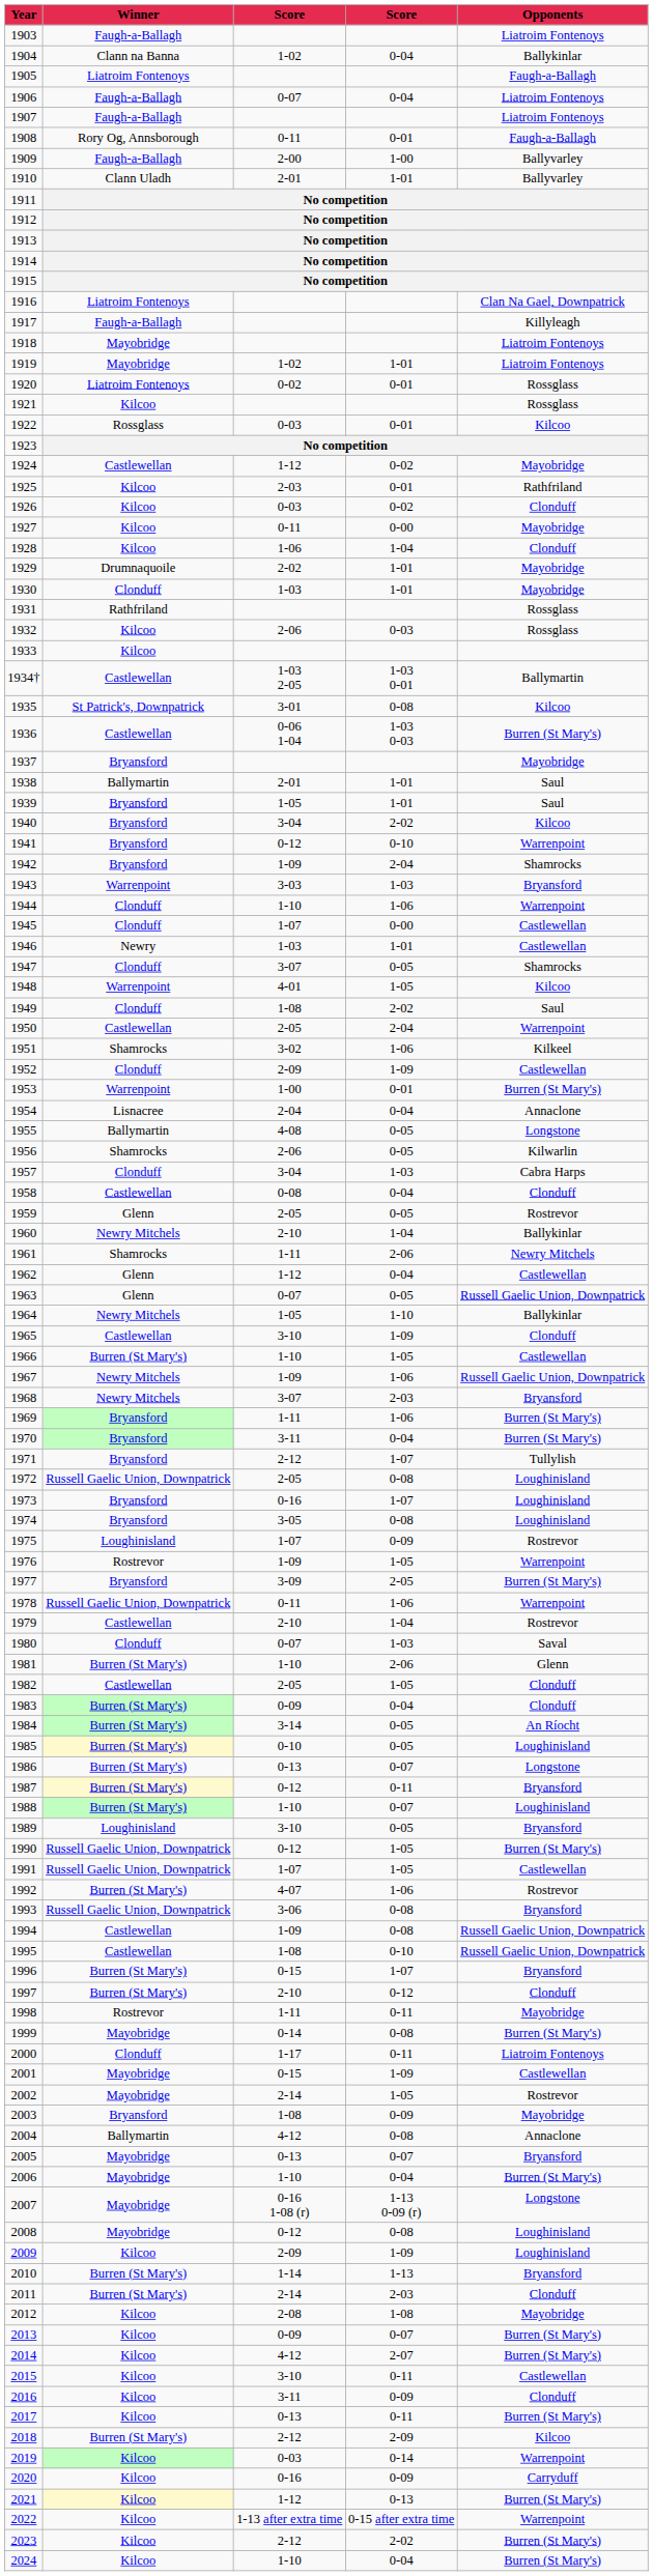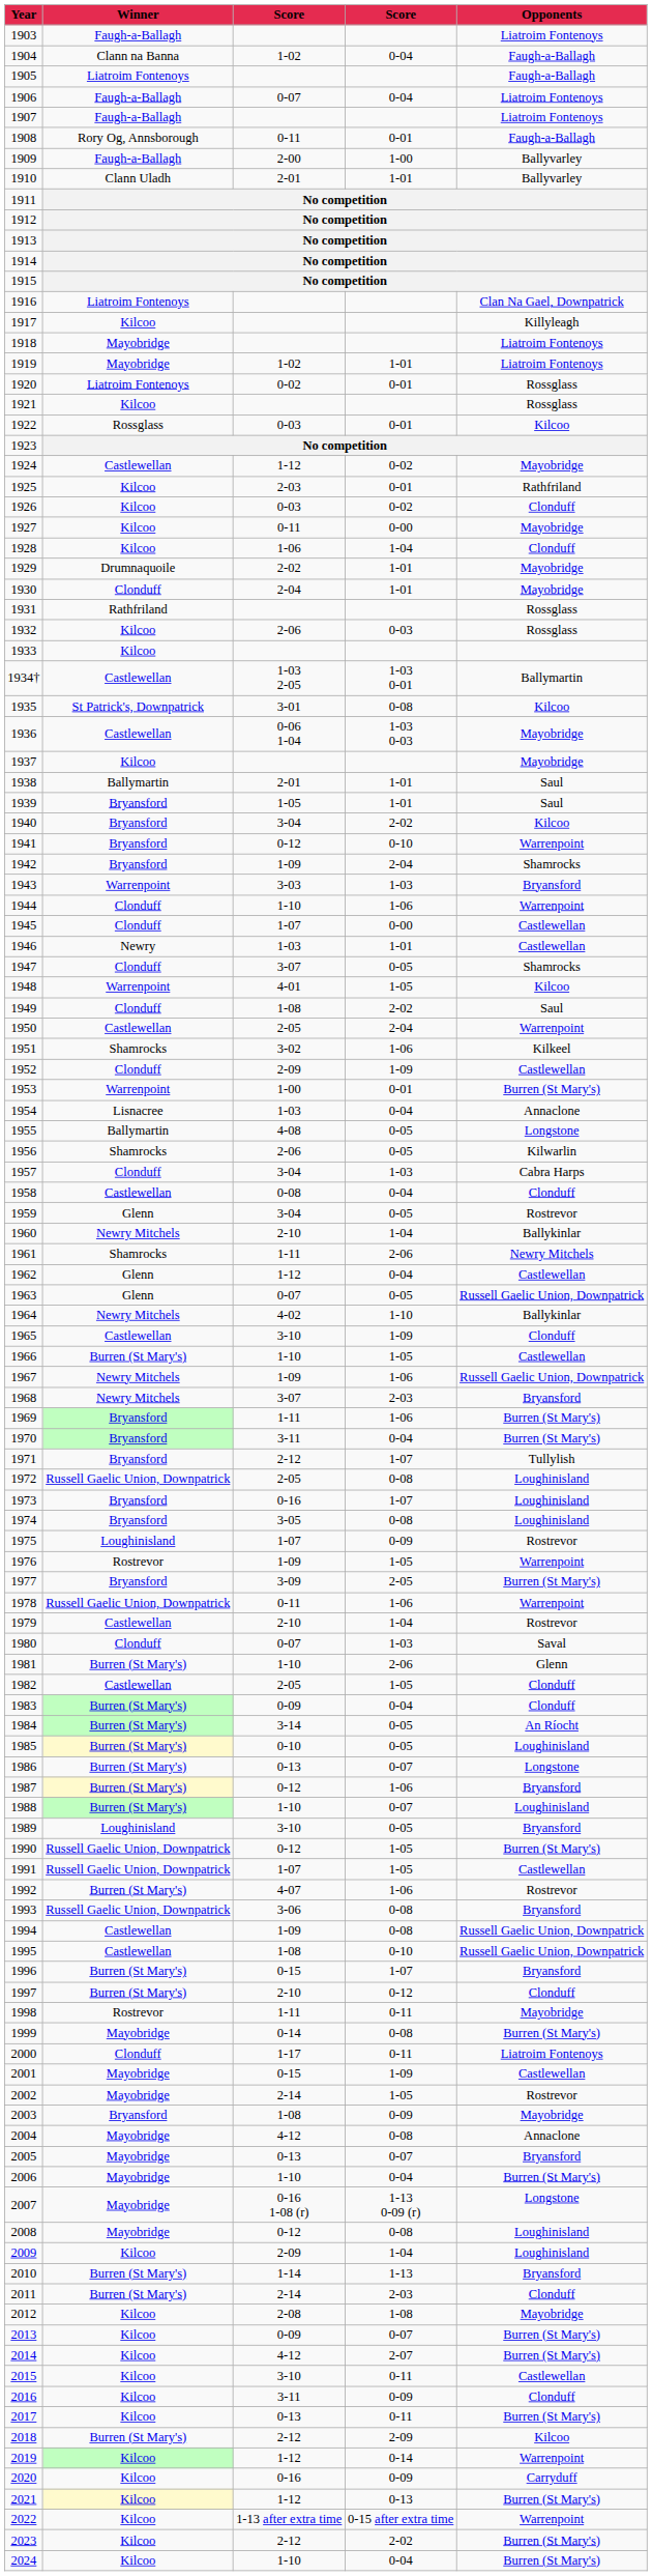 <table class="wikitable" style="text-align:center;">
 <tr>
 <th style="background:#E52B50;color:black;">Year</th>
 <th style="background:#E52B50;color:black;">Winner</th>
 <th style="background:#E52B50;color:black;">Score</th>
 <th style="background:#E52B50;color:black;">Score</th>
 <th style="background:#E52B50;color:black;">Opponents</th>
 </tr>
 <tr>
 <td>1903</td>
 <td><a href='#'>Faugh-a-Ballagh</a></td>
 <td></td>
 <td></td>
 <td><a href='#'>Liatroim Fontenoys</a></td>
 </tr>
 <tr>
 <td>1904</td>
 <td>Clann na Banna</td>
 <td>1-02</td>
 <td>0-04</td>
-<td>Ballykinlar</td>
+<td><a href='#'>Faugh-a-Ballagh</a></td>
 </tr>
 <tr>
 <td>1905</td>
 <td><a href='#'>Liatroim Fontenoys</a></td>
 <td></td>
 <td></td>
 <td><a href='#'>Faugh-a-Ballagh</a></td>
 </tr>
 <tr>
 <td>1906</td>
 <td><a href='#'>Faugh-a-Ballagh</a></td>
 <td>0-07</td>
 <td>0-04</td>
 <td><a href='#'>Liatroim Fontenoys</a></td>
 </tr>
 <tr>
 <td>1907</td>
 <td><a href='#'>Faugh-a-Ballagh</a></td>
 <td></td>
 <td></td>
 <td><a href='#'>Liatroim Fontenoys</a></td>
 </tr>
 <tr>
 <td>1908</td>
 <td>Rory Og, Annsborough</td>
 <td>0-11</td>
 <td>0-01</td>
 <td><a href='#'>Faugh-a-Ballagh</a></td>
 </tr>
 <tr>
 <td>1909</td>
 <td><a href='#'>Faugh-a-Ballagh</a></td>
 <td>2-00</td>
 <td>1-00</td>
 <td>Ballyvarley</td>
 </tr>
 <tr>
 <td>1910</td>
 <td>Clann Uladh</td>
 <td>2-01</td>
 <td>1-01</td>
 <td>Ballyvarley</td>
 </tr>
 <tr>
 <td>1911</td>
 <th colspan=4 align=center>No competition</th>
 </tr>
 <tr>
 <td>1912</td>
 <th colspan=4 align=center>No competition</th>
 </tr>
 <tr>
 <td>1913</td>
 <th colspan=4 align=center>No competition</th>
 </tr>
 <tr>
 <td>1914</td>
 <th colspan=4 align=center>No competition</th>
 </tr>
 <tr>
 <td>1915</td>
 <th colspan=4 align=center>No competition</th>
 </tr>
 <tr>
 <td>1916</td>
 <td><a href='#'>Liatroim Fontenoys</a></td>
 <td></td>
 <td></td>
 <td><a href='#'>Clan Na Gael, Downpatrick</a></td>
 </tr>
 <tr>
 <td>1917</td>
-<td><a href='#'>Faugh-a-Ballagh</a></td>
+<td><a href='#'>Kilcoo</a></td>
 <td></td>
 <td></td>
 <td>Killyleagh</td>
 </tr>
 <tr>
 <td>1918</td>
 <td><a href='#'>Mayobridge</a></td>
 <td></td>
 <td></td>
 <td><a href='#'>Liatroim Fontenoys</a></td>
 </tr>
 <tr>
 <td>1919</td>
 <td><a href='#'>Mayobridge</a></td>
 <td>1-02</td>
 <td>1-01</td>
 <td><a href='#'>Liatroim Fontenoys</a></td>
 </tr>
 <tr>
 <td>1920</td>
 <td><a href='#'>Liatroim Fontenoys</a></td>
 <td>0-02</td>
 <td>0-01</td>
 <td>Rossglass</td>
 </tr>
 <tr>
 <td>1921</td>
 <td><a href='#'>Kilcoo</a></td>
 <td></td>
 <td></td>
 <td>Rossglass</td>
 </tr>
 <tr>
 <td>1922</td>
 <td>Rossglass</td>
 <td>0-03</td>
 <td>0-01</td>
 <td><a href='#'>Kilcoo</a></td>
 </tr>
 <tr>
 <td>1923</td>
 <th colspan=4 align=center>No competition</th>
 </tr>
 <tr>
 <td>1924</td>
 <td><a href='#'>Castlewellan</a></td>
 <td>1-12</td>
 <td>0-02</td>
 <td><a href='#'>Mayobridge</a></td>
 </tr>
 <tr>
 <td>1925</td>
 <td><a href='#'>Kilcoo</a></td>
 <td>2-03</td>
 <td>0-01</td>
 <td>Rathfriland</td>
 </tr>
 <tr>
 <td>1926</td>
 <td><a href='#'>Kilcoo</a></td>
 <td>0-03</td>
 <td>0-02</td>
 <td><a href='#'>Clonduff</a></td>
 </tr>
 <tr>
 <td>1927</td>
 <td><a href='#'>Kilcoo</a></td>
 <td>0-11</td>
 <td>0-00</td>
 <td><a href='#'>Mayobridge</a></td>
 </tr>
 <tr>
 <td>1928</td>
 <td><a href='#'>Kilcoo</a></td>
 <td>1-06</td>
 <td>1-04</td>
 <td><a href='#'>Clonduff</a></td>
 </tr>
 <tr>
 <td>1929</td>
 <td>Drumnaquoile</td>
 <td>2-02</td>
 <td>1-01</td>
 <td><a href='#'>Mayobridge</a></td>
 </tr>
 <tr>
 <td>1930</td>
 <td><a href='#'>Clonduff</a></td>
-<td>1-03</td>
+<td>2-04</td>
 <td>1-01</td>
 <td><a href='#'>Mayobridge</a></td>
 </tr>
 <tr>
 <td>1931</td>
 <td>Rathfriland</td>
 <td></td>
 <td></td>
 <td>Rossglass</td>
 </tr>
 <tr>
 <td>1932</td>
 <td><a href='#'>Kilcoo</a></td>
 <td>2-06</td>
 <td>0-03</td>
 <td>Rossglass</td>
 </tr>
 <tr>
 <td>1933</td>
 <td><a href='#'>Kilcoo</a></td>
 <td></td>
 <td></td>
 <td></td>
 </tr>
 <tr>
 <td>1934†</td>
 <td><a href='#'>Castlewellan</a></td>
 <td>1-03<br> 2-05</td>
 <td>1-03<br> 0-01</td>
 <td>Ballymartin</td>
 </tr>
 <tr>
 <td>1935</td>
 <td><a href='#'>St Patrick's, Downpatrick</a></td>
 <td>3-01</td>
 <td>0-08</td>
 <td><a href='#'>Kilcoo</a></td>
 </tr>
 <tr>
 <td>1936</td>
 <td><a href='#'>Castlewellan</a></td>
 <td>0-06<br> 1-04</td>
 <td>1-03<br> 0-03</td>
-<td><a href='#'>Burren (St Mary's)</a></td>
+<td><a href='#'>Mayobridge</a></td>
 </tr>
 <tr>
 <td>1937</td>
-<td><a href='#'>Bryansford</a></td>
+<td><a href='#'>Kilcoo</a></td>
 <td></td>
 <td></td>
 <td><a href='#'>Mayobridge</a></td>
 </tr>
 <tr>
 <td>1938</td>
 <td>Ballymartin</td>
 <td>2-01</td>
 <td>1-01</td>
 <td>Saul</td>
 </tr>
 <tr>
 <td>1939</td>
 <td><a href='#'>Bryansford</a></td>
 <td>1-05</td>
 <td>1-01</td>
 <td>Saul</td>
 </tr>
 <tr>
 <td>1940</td>
 <td><a href='#'>Bryansford</a></td>
 <td>3-04</td>
 <td>2-02</td>
 <td><a href='#'>Kilcoo</a></td>
 </tr>
 <tr>
 <td>1941</td>
 <td><a href='#'>Bryansford</a></td>
 <td>0-12</td>
 <td>0-10</td>
 <td><a href='#'>Warrenpoint</a></td>
 </tr>
 <tr>
 <td>1942</td>
 <td><a href='#'>Bryansford</a></td>
 <td>1-09</td>
 <td>2-04</td>
 <td>Shamrocks</td>
 </tr>
 <tr>
 <td>1943</td>
 <td><a href='#'>Warrenpoint</a></td>
 <td>3-03</td>
 <td>1-03</td>
 <td><a href='#'>Bryansford</a></td>
 </tr>
 <tr>
 <td>1944</td>
 <td><a href='#'>Clonduff</a></td>
 <td>1-10</td>
 <td>1-06</td>
 <td><a href='#'>Warrenpoint</a></td>
 </tr>
 <tr>
 <td>1945</td>
 <td><a href='#'>Clonduff</a></td>
 <td>1-07</td>
 <td>0-00</td>
 <td><a href='#'>Castlewellan</a></td>
 </tr>
 <tr>
 <td>1946</td>
 <td>Newry</td>
 <td>1-03</td>
 <td>1-01</td>
 <td><a href='#'>Castlewellan</a></td>
 </tr>
 <tr>
 <td>1947</td>
 <td><a href='#'>Clonduff</a></td>
 <td>3-07</td>
 <td>0-05</td>
 <td>Shamrocks</td>
 </tr>
 <tr>
 <td>1948</td>
 <td><a href='#'>Warrenpoint</a></td>
 <td>4-01</td>
 <td>1-05</td>
 <td><a href='#'>Kilcoo</a></td>
 </tr>
 <tr>
 <td>1949</td>
 <td><a href='#'>Clonduff</a></td>
 <td>1-08</td>
 <td>2-02</td>
 <td>Saul</td>
 </tr>
 <tr>
 <td>1950</td>
 <td><a href='#'>Castlewellan</a></td>
 <td>2-05</td>
 <td>2-04</td>
 <td><a href='#'>Warrenpoint</a></td>
 </tr>
 <tr>
 <td>1951</td>
 <td>Shamrocks</td>
 <td>3-02</td>
 <td>1-06</td>
 <td>Kilkeel</td>
 </tr>
 <tr>
 <td>1952</td>
 <td><a href='#'>Clonduff</a></td>
 <td>2-09</td>
 <td>1-09</td>
 <td><a href='#'>Castlewellan</a></td>
 </tr>
 <tr>
 <td>1953</td>
 <td><a href='#'>Warrenpoint</a></td>
 <td>1-00</td>
 <td>0-01</td>
 <td><a href='#'>Burren (St Mary's)</a></td>
 </tr>
 <tr>
 <td>1954</td>
 <td>Lisnacree</td>
-<td>2-04</td>
+<td>1-03</td>
 <td>0-04</td>
 <td>Annaclone</td>
 </tr>
 <tr>
 <td>1955</td>
 <td>Ballymartin</td>
 <td>4-08</td>
 <td>0-05</td>
 <td><a href='#'>Longstone</a></td>
 </tr>
 <tr>
 <td>1956</td>
 <td>Shamrocks</td>
 <td>2-06</td>
 <td>0-05</td>
 <td>Kilwarlin</td>
 </tr>
 <tr>
 <td>1957</td>
 <td><a href='#'>Clonduff</a></td>
 <td>3-04</td>
 <td>1-03</td>
 <td>Cabra Harps</td>
 </tr>
 <tr>
 <td>1958</td>
 <td><a href='#'>Castlewellan</a></td>
 <td>0-08</td>
 <td>0-04</td>
 <td><a href='#'>Clonduff</a></td>
 </tr>
 <tr>
 <td>1959</td>
 <td>Glenn</td>
-<td>2-05</td>
+<td>3-04</td>
 <td>0-05</td>
 <td>Rostrevor</td>
 </tr>
 <tr>
 <td>1960</td>
 <td><a href='#'>Newry Mitchels</a></td>
 <td>2-10</td>
 <td>1-04</td>
 <td>Ballykinlar</td>
 </tr>
 <tr>
 <td>1961</td>
 <td>Shamrocks</td>
 <td>1-11</td>
 <td>2-06</td>
 <td><a href='#'>Newry Mitchels</a></td>
 </tr>
 <tr>
 <td>1962</td>
 <td>Glenn</td>
 <td>1-12</td>
 <td>0-04</td>
 <td><a href='#'>Castlewellan</a></td>
 </tr>
 <tr>
 <td>1963</td>
 <td>Glenn</td>
 <td>0-07</td>
 <td>0-05</td>
 <td><a href='#'>Russell Gaelic Union, Downpatrick</a></td>
 </tr>
 <tr>
 <td>1964</td>
 <td><a href='#'>Newry Mitchels</a></td>
-<td>1-05</td>
+<td>4-02</td>
 <td>1-10</td>
 <td>Ballykinlar</td>
 </tr>
 <tr>
 <td>1965</td>
 <td><a href='#'>Castlewellan</a></td>
 <td>3-10</td>
 <td>1-09</td>
 <td><a href='#'>Clonduff</a></td>
 </tr>
 <tr>
 <td>1966</td>
 <td><a href='#'>Burren (St Mary's)</a></td>
 <td>1-10</td>
 <td>1-05</td>
 <td><a href='#'>Castlewellan</a></td>
 </tr>
 <tr>
 <td>1967</td>
 <td><a href='#'>Newry Mitchels</a></td>
 <td>1-09</td>
 <td>1-06</td>
 <td><a href='#'>Russell Gaelic Union, Downpatrick</a></td>
 </tr>
 <tr>
 <td>1968</td>
 <td><a href='#'>Newry Mitchels</a></td>
 <td>3-07</td>
 <td>2-03</td>
 <td><a href='#'>Bryansford</a></td>
 </tr>
 <tr>
 <td>1969</td>
 <td style="background-color:#C0FFC0"><a href='#'>Bryansford</a></td>
 <td>1-11</td>
 <td>1-06</td>
 <td><a href='#'>Burren (St Mary's)</a></td>
 </tr>
 <tr>
 <td>1970</td>
 <td style="background-color:#C0FFC0"><a href='#'>Bryansford</a></td>
 <td>3-11</td>
 <td>0-04</td>
 <td><a href='#'>Burren (St Mary's)</a></td>
 </tr>
 <tr>
 <td>1971</td>
 <td><a href='#'>Bryansford</a></td>
 <td>2-12</td>
 <td>1-07</td>
 <td>Tullylish</td>
 </tr>
 <tr>
 <td>1972</td>
 <td><a href='#'>Russell Gaelic Union, Downpatrick</a></td>
 <td>2-05</td>
 <td>0-08</td>
 <td><a href='#'>Loughinisland</a></td>
 </tr>
 <tr>
 <td>1973</td>
 <td><a href='#'>Bryansford</a></td>
 <td>0-16</td>
 <td>1-07</td>
 <td><a href='#'>Loughinisland</a></td>
 </tr>
 <tr>
 <td>1974</td>
 <td><a href='#'>Bryansford</a></td>
 <td>3-05</td>
 <td>0-08</td>
 <td><a href='#'>Loughinisland</a></td>
 </tr>
 <tr>
 <td>1975</td>
 <td><a href='#'>Loughinisland</a></td>
 <td>1-07</td>
 <td>0-09</td>
 <td>Rostrevor</td>
 </tr>
 <tr>
 <td>1976</td>
 <td>Rostrevor</td>
 <td>1-09</td>
 <td>1-05</td>
 <td><a href='#'>Warrenpoint</a></td>
 </tr>
 <tr>
 <td>1977</td>
 <td><a href='#'>Bryansford</a></td>
 <td>3-09</td>
 <td>2-05</td>
 <td><a href='#'>Burren (St Mary's)</a></td>
 </tr>
 <tr>
 <td>1978</td>
 <td><a href='#'>Russell Gaelic Union, Downpatrick</a></td>
 <td>0-11</td>
 <td>1-06</td>
 <td><a href='#'>Warrenpoint</a></td>
 </tr>
 <tr>
 <td>1979</td>
 <td><a href='#'>Castlewellan</a></td>
 <td>2-10</td>
 <td>1-04</td>
 <td>Rostrevor</td>
 </tr>
 <tr>
 <td>1980</td>
 <td><a href='#'>Clonduff</a></td>
 <td>0-07</td>
 <td>1-03</td>
 <td>Saval</td>
 </tr>
 <tr>
 <td>1981</td>
 <td><a href='#'>Burren (St Mary's)</a></td>
 <td>1-10</td>
 <td>2-06</td>
 <td>Glenn</td>
 </tr>
 <tr>
 <td>1982</td>
 <td><a href='#'>Castlewellan</a></td>
 <td>2-05</td>
 <td>1-05</td>
 <td><a href='#'>Clonduff</a></td>
 </tr>
 <tr>
 <td>1983</td>
 <td style="background-color:#C0FFC0"><a href='#'>Burren (St Mary's)</a></td>
 <td>0-09</td>
 <td>0-04</td>
 <td><a href='#'>Clonduff</a></td>
 </tr>
 <tr>
 <td>1984</td>
 <td style="background-color:#C0FFC0"><a href='#'>Burren (St Mary's)</a></td>
 <td>3-14</td>
 <td>0-05</td>
 <td><a href='#'>An Ríocht</a></td>
 </tr>
 <tr>
 <td>1985</td>
 <td style="background-color:#FFFACD"><a href='#'>Burren (St Mary's)</a></td>
 <td>0-10</td>
 <td>0-05</td>
 <td><a href='#'>Loughinisland</a></td>
 </tr>
 <tr>
 <td>1986</td>
 <td><a href='#'>Burren (St Mary's)</a></td>
 <td>0-13</td>
 <td>0-07</td>
 <td><a href='#'>Longstone</a></td>
 </tr>
 <tr>
 <td>1987</td>
 <td style="background-color:#FFFACD"><a href='#'>Burren (St Mary's)</a></td>
 <td>0-12</td>
-<td>0-11</td>
+<td>1-06</td>
 <td><a href='#'>Bryansford</a></td>
 </tr>
 <tr>
 <td>1988</td>
 <td style="background-color:#C0FFC0"><a href='#'>Burren (St Mary's)</a></td>
 <td>1-10</td>
 <td>0-07</td>
 <td><a href='#'>Loughinisland</a></td>
 </tr>
 <tr>
 <td>1989</td>
 <td><a href='#'>Loughinisland</a></td>
 <td>3-10</td>
 <td>0-05</td>
 <td><a href='#'>Bryansford</a></td>
 </tr>
 <tr>
 <td>1990</td>
 <td><a href='#'>Russell Gaelic Union, Downpatrick</a></td>
 <td>0-12</td>
 <td>1-05</td>
 <td><a href='#'>Burren (St Mary's)</a></td>
 </tr>
 <tr>
 <td>1991</td>
 <td><a href='#'>Russell Gaelic Union, Downpatrick</a></td>
 <td>1-07</td>
 <td>1-05</td>
 <td><a href='#'>Castlewellan</a></td>
 </tr>
 <tr>
 <td>1992</td>
 <td><a href='#'>Burren (St Mary's)</a></td>
 <td>4-07</td>
 <td>1-06</td>
 <td>Rostrevor</td>
 </tr>
 <tr>
 <td>1993</td>
 <td><a href='#'>Russell Gaelic Union, Downpatrick</a></td>
 <td>3-06</td>
 <td>0-08</td>
 <td><a href='#'>Bryansford</a></td>
 </tr>
 <tr>
 <td>1994</td>
 <td><a href='#'>Castlewellan</a></td>
 <td>1-09</td>
 <td>0-08</td>
 <td><a href='#'>Russell Gaelic Union, Downpatrick</a></td>
 </tr>
 <tr>
 <td>1995</td>
 <td><a href='#'>Castlewellan</a></td>
 <td>1-08</td>
 <td>0-10</td>
 <td><a href='#'>Russell Gaelic Union, Downpatrick</a></td>
 </tr>
 <tr>
 <td>1996</td>
 <td><a href='#'>Burren (St Mary's)</a></td>
 <td>0-15</td>
 <td>1-07</td>
 <td><a href='#'>Bryansford</a></td>
 </tr>
 <tr>
 <td>1997</td>
 <td><a href='#'>Burren (St Mary's)</a></td>
 <td>2-10</td>
 <td>0-12</td>
 <td><a href='#'>Clonduff</a></td>
 </tr>
 <tr>
 <td>1998</td>
 <td>Rostrevor</td>
 <td>1-11</td>
 <td>0-11</td>
 <td><a href='#'>Mayobridge</a></td>
 </tr>
 <tr>
 <td>1999</td>
 <td><a href='#'>Mayobridge</a></td>
 <td>0-14</td>
 <td>0-08</td>
 <td><a href='#'>Burren (St Mary's)</a></td>
 </tr>
 <tr>
 <td>2000</td>
 <td><a href='#'>Clonduff</a></td>
 <td>1-17</td>
 <td>0-11</td>
 <td><a href='#'>Liatroim Fontenoys</a></td>
 </tr>
 <tr>
 <td>2001</td>
 <td><a href='#'>Mayobridge</a></td>
 <td>0-15</td>
 <td>1-09</td>
 <td><a href='#'>Castlewellan</a></td>
 </tr>
 <tr>
 <td>2002</td>
 <td><a href='#'>Mayobridge</a></td>
 <td>2-14</td>
 <td>1-05</td>
 <td>Rostrevor</td>
 </tr>
 <tr>
 <td>2003</td>
 <td><a href='#'>Bryansford</a></td>
 <td>1-08</td>
 <td>0-09</td>
 <td><a href='#'>Mayobridge</a></td>
 </tr>
 <tr>
 <td>2004</td>
-<td>Ballymartin</td>
+<td><a href='#'>Mayobridge</a></td>
 <td>4-12</td>
 <td>0-08</td>
 <td>Annaclone</td>
 </tr>
 <tr>
 <td>2005</td>
 <td><a href='#'>Mayobridge</a></td>
 <td>0-13</td>
 <td>0-07</td>
 <td><a href='#'>Bryansford</a></td>
 </tr>
 <tr>
 <td>2006</td>
 <td><a href='#'>Mayobridge</a></td>
 <td>1-10</td>
 <td>0-04</td>
 <td><a href='#'>Burren (St Mary's)</a></td>
 </tr>
 <tr>
 <td>2007</td>
 <td><a href='#'>Mayobridge</a><br></td>
 <td>0-16<br> 1-08 (r)</td>
 <td>1-13<br> 0-09 (r)</td>
 <td><a href='#'>Longstone</a><br> </td>
 </tr>
 <tr>
 <td>2008</td>
 <td><a href='#'>Mayobridge</a></td>
 <td>0-12</td>
 <td>0-08</td>
 <td><a href='#'>Loughinisland</a></td>
 </tr>
 <tr>
 <td><a href='#'>2009</a></td>
 <td><a href='#'>Kilcoo</a></td>
 <td>2-09</td>
-<td>1-09</td>
+<td>1-04</td>
 <td><a href='#'>Loughinisland</a></td>
 </tr>
 <tr>
 <td>2010</td>
 <td><a href='#'>Burren (St Mary's)</a></td>
 <td>1-14</td>
 <td>1-13</td>
 <td><a href='#'>Bryansford</a></td>
 </tr>
 <tr>
 <td>2011</td>
 <td><a href='#'>Burren (St Mary's)</a></td>
 <td>2-14</td>
 <td>2-03</td>
 <td><a href='#'>Clonduff</a></td>
 </tr>
 <tr>
 <td>2012</td>
 <td><a href='#'>Kilcoo</a></td>
 <td>2-08</td>
 <td>1-08</td>
 <td><a href='#'>Mayobridge</a></td>
 </tr>
 <tr>
 <td><a href='#'>2013</a></td>
 <td><a href='#'>Kilcoo</a></td>
 <td>0-09</td>
 <td>0-07</td>
 <td><a href='#'>Burren (St Mary's)</a></td>
 </tr>
 <tr>
 <td><a href='#'>2014</a></td>
 <td><a href='#'>Kilcoo</a></td>
 <td>4-12</td>
 <td>2-07</td>
 <td><a href='#'>Burren (St Mary's)</a></td>
 </tr>
 <tr>
 <td><a href='#'>2015</a></td>
 <td><a href='#'>Kilcoo</a></td>
 <td>3-10</td>
 <td>0-11</td>
 <td><a href='#'>Castlewellan</a></td>
 </tr>
 <tr>
 <td><a href='#'>2016</a></td>
 <td><a href='#'>Kilcoo</a></td>
 <td>3-11</td>
 <td>0-09</td>
 <td><a href='#'>Clonduff</a></td>
 </tr>
 <tr>
 <td><a href='#'>2017</a></td>
 <td><a href='#'>Kilcoo</a></td>
 <td>0-13</td>
 <td>0-11</td>
 <td><a href='#'>Burren (St Mary's)</a></td>
 </tr>
 <tr>
 <td><a href='#'>2018</a></td>
 <td><a href='#'>Burren (St Mary's)</a></td>
 <td>2-12</td>
 <td>2-09</td>
 <td><a href='#'>Kilcoo</a></td>
 </tr>
 <tr>
 <td><a href='#'>2019</a></td>
 <td style="background-color:#C0FFC0"><a href='#'>Kilcoo</a></td>
-<td>0-03</td>
+<td>1-12</td>
 <td>0-14</td>
 <td><a href='#'>Warrenpoint</a></td>
 </tr>
 <tr>
 <td><a href='#'>2020</a></td>
 <td><a href='#'>Kilcoo</a></td>
 <td>0-16</td>
 <td>0-09</td>
 <td><a href='#'>Carryduff</a></td>
 </tr>
 <tr>
 <td><a href='#'>2021</a></td>
 <td style="background-color:#FFFACD"><a href='#'>Kilcoo</a></td>
 <td>1-12</td>
 <td>0-13</td>
 <td><a href='#'>Burren (St Mary's)</a></td>
 </tr>
 <tr>
 <td><a href='#'>2022</a></td>
 <td><a href='#'>Kilcoo</a></td>
 <td>1-13 <a href='#'>after extra time</a></td>
 <td>0-15 <a href='#'>after extra time</a></td>
 <td><a href='#'>Warrenpoint</a></td>
 </tr>
 <tr>
 <td><a href='#'>2023</a></td>
 <td><a href='#'>Kilcoo</a></td>
 <td>2-12</td>
 <td>2-02</td>
 <td><a href='#'>Burren (St Mary's)</a></td>
 </tr>
 <tr>
 <td><a href='#'>2024</a></td>
 <td><a href='#'>Kilcoo</a></td>
 <td>1-10</td>
 <td>0-04</td>
 <td><a href='#'>Burren (St Mary's)</a></td>
 </tr>
 </table>
